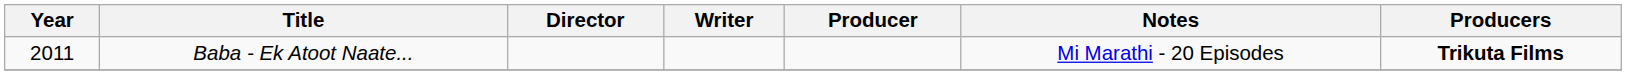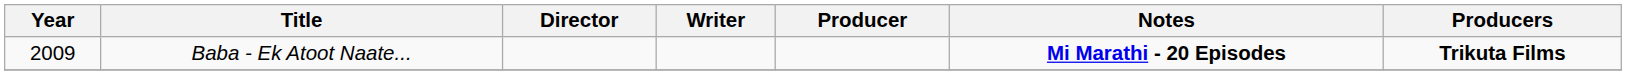 <table class="wikitable sortable" style="width: 100%; text-align: center;">
 <tr>
 <th scope="col">Year</th>
 <th scope="col">Title</th>
 <th scope="col">Director</th>
 <th scope="col">Writer</th>
 <th scope="col">Producer</th>
 <th scope="col" class="unsortable">Notes</th>
 <th scope="col">Producers</th>
 </tr>
 <tr>
-<td>2011</td>
+<td>2009</td>
 <td style="text-align: center;"><em>Baba - Ek Atoot Naate...</em></td>
 <td></td>
 <td></td>
 <td></td>
-<td style="text-align: center;"><a href='#'>Mi Marathi</a> - 20 Episodes</td>
+<td style="text-align: center;"><strong><a href='#'>Mi Marathi</a> - 20 Episodes</strong></td>
 <td><strong>Trikuta Films</strong></td>
 </tr>
 <tr>
 </tr>
 </table>
